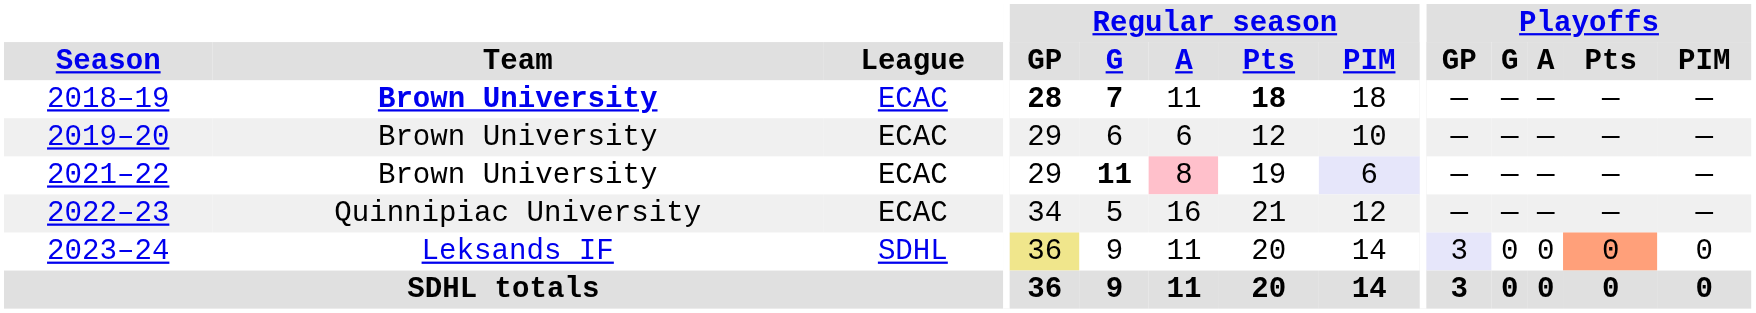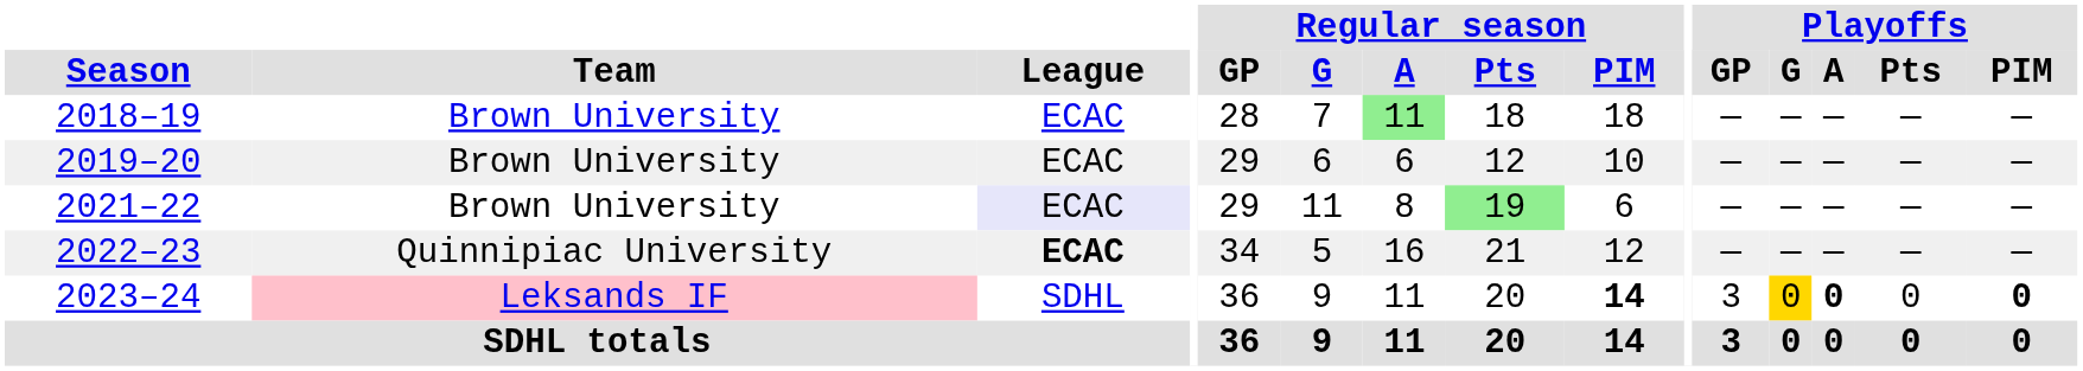 <table border="0" cellpadding="1" cellspacing="0" style="text-align:center; width:60em">
 <tr bgcolor="#e0e0e0">
 <th colspan="3" bgcolor="#ffffff"></th>
 <th rowspan="97" bgcolor="#ffffff"></th>
 <th colspan="5"><a href='#'>Regular season</a></th>
 <th rowspan="97" bgcolor="#ffffff"></th>
 <th colspan="5"><a href='#'>Playoffs</a></th>
 </tr>
 <tr bgcolor="#e0e0e0">
 <th><a href='#'>Season</a></th>
 <th>Team</th>
 <th>League</th>
 <th>GP</th>
 <th><a href='#'>G</a></th>
 <th><a href='#'>A</a></th>
 <th><a href='#'>Pts</a></th>
 <th><a href='#'>PIM</a></th>
 <th>GP</th>
 <th>G</th>
 <th>A</th>
 <th>Pts</th>
 <th>PIM</th>
 </tr>
 <tr>
 <td><a href='#'>2018–19</a></td>
-<td><strong><a href='#'>Brown University</a></strong></td>
+<td><a href='#'>Brown University</a></td>
 <td><a href='#'>ECAC</a></td>
-<td><strong>28</strong></td>
-<td><strong>7</strong></td>
-<td>11</td>
-<td><strong>18</strong></td>
+<td>28</td>
+<td>7</td>
+<td style="background: lightgreen;">11</td>
+<td>18</td>
 <td>18</td>
 <td>—</td>
 <td>—</td>
 <td>—</td>
 <td>—</td>
 <td>—</td>
 </tr>
 <tr bgcolor="#f0f0f0">
 <td><a href='#'>2019–20</a></td>
 <td>Brown University</td>
 <td>ECAC</td>
 <td>29</td>
 <td>6</td>
 <td>6</td>
 <td>12</td>
 <td>10</td>
 <td>—</td>
 <td>—</td>
 <td>—</td>
 <td>—</td>
 <td>—</td>
 </tr>
 <tr>
 <td><a href='#'>2021–22</a></td>
 <td>Brown University</td>
-<td>ECAC</td>
+<td style="background: lavender;">ECAC</td>
 <td>29</td>
-<td><strong>11</strong></td>
-<td style="background: pink;">8</td>
-<td>19</td>
-<td style="background: lavender;">6</td>
+<td>11</td>
+<td>8</td>
+<td style="background: lightgreen;">19</td>
+<td>6</td>
 <td>—</td>
 <td>—</td>
 <td>—</td>
 <td>—</td>
 <td>—</td>
 </tr>
 <tr bgcolor="#f0f0f0">
 <td><a href='#'>2022–23</a></td>
 <td>Quinnipiac University</td>
-<td>ECAC</td>
+<td><strong>ECAC</strong></td>
 <td>34</td>
 <td>5</td>
 <td>16</td>
 <td>21</td>
 <td>12</td>
 <td>—</td>
 <td>—</td>
 <td>—</td>
 <td>—</td>
 <td>—</td>
 </tr>
 <tr>
 <td><a href='#'>2023–24</a></td>
-<td><a href='#'>Leksands IF</a></td>
+<td style="background: pink;"><a href='#'>Leksands IF</a></td>
 <td><a href='#'>SDHL</a></td>
-<td style="background: khaki;">36</td>
+<td>36</td>
 <td>9</td>
 <td>11</td>
 <td>20</td>
-<td>14</td>
-<td style="background: lavender;">3</td>
+<td><strong>14</strong></td>
+<td>3</td>
+<td style="background: gold;">0</td>
+<td><strong>0</strong></td>
 <td>0</td>
-<td>0</td>
-<td style="background: lightsalmon;">0</td>
-<td>0</td>
+<td><strong>0</strong></td>
 </tr>
 <tr bgcolor="#e0e0e0">
 <th colspan="3">SDHL totals</th>
 <th>36</th>
 <th>9</th>
 <th>11</th>
 <th>20</th>
 <th>14</th>
 <th>3</th>
 <th>0</th>
 <th>0</th>
 <th>0</th>
 <th>0</th>
 </tr>
 </table>
